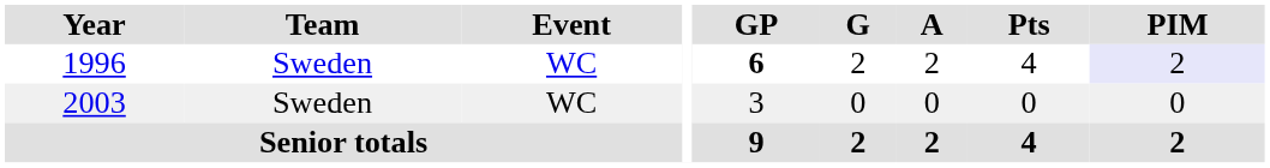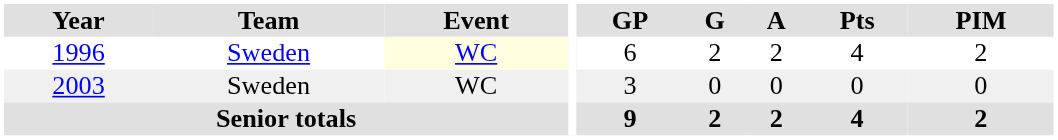 <table border="0" cellpadding="1" cellspacing="0" ID="Table3" style="text-align:center; width:40em">
 <tr bgcolor="#e0e0e0">
 <th>Year</th>
 <th>Team</th>
 <th>Event</th>
 <th rowspan="102" bgcolor="#ffffff"></th>
 <th>GP</th>
 <th>G</th>
 <th>A</th>
 <th>Pts</th>
 <th>PIM</th>
 </tr>
 <tr>
 <td><a href='#'>1996</a></td>
 <td><a href='#'>Sweden</a></td>
-<td><a href='#'>WC</a></td>
-<td><strong>6</strong></td>
+<td style="background: lightyellow;"><a href='#'>WC</a></td>
+<td>6</td>
 <td>2</td>
 <td>2</td>
 <td>4</td>
-<td style="background: lavender;">2</td>
+<td>2</td>
 </tr>
 <tr bgcolor="#f0f0f0">
 <td><a href='#'>2003</a></td>
 <td>Sweden</td>
 <td>WC</td>
 <td>3</td>
 <td>0</td>
 <td>0</td>
 <td>0</td>
 <td>0</td>
 </tr>
 <tr bgcolor="#e0e0e0">
 <th colspan="3">Senior totals</th>
 <th>9</th>
 <th>2</th>
 <th>2</th>
 <th>4</th>
 <th>2</th>
 </tr>
 </table>
